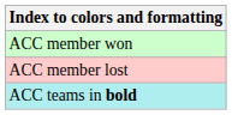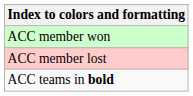 <table class="wikitable">
 <tr>
 <th>Index to colors and formatting</th>
 </tr>
 <tr bgcolor=#ccffcc>
 <td>ACC member won</td>
 </tr>
 <tr bgcolor=#ffcccc>
 <td>ACC member lost</td>
 </tr>
 <tr>
-<td style="background: paleturquoise;">ACC teams in <strong>bold</strong></td>
+<td>ACC teams in <strong>bold</strong></td>
 </tr>
 </table>
